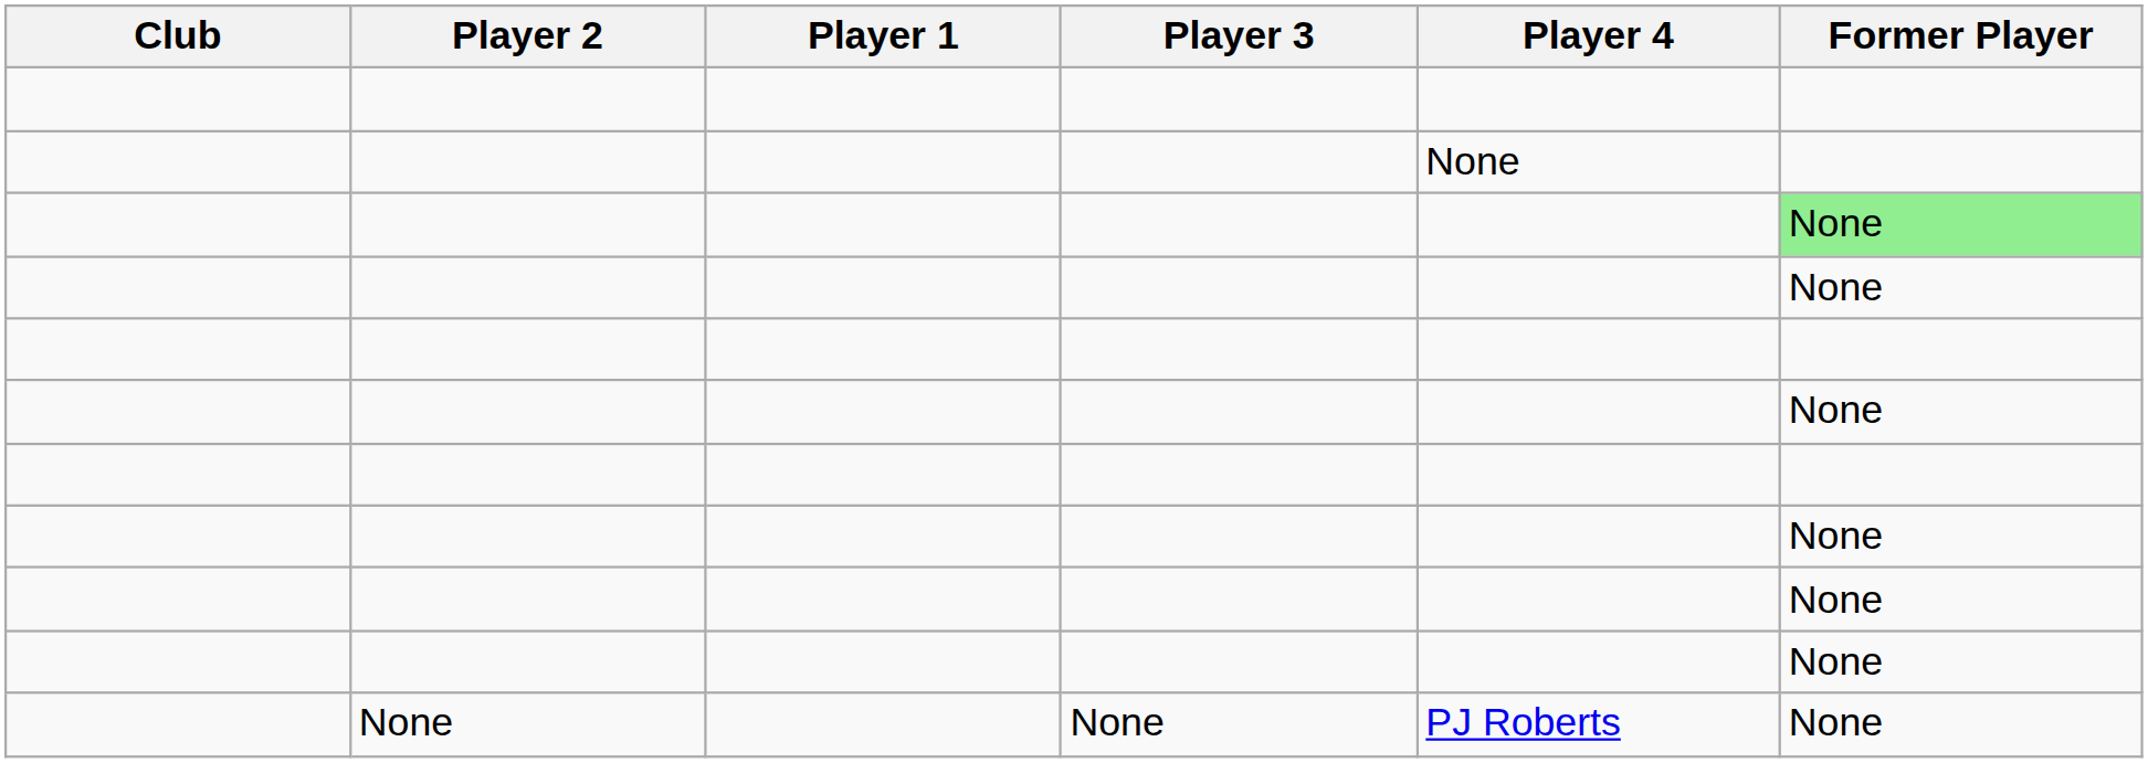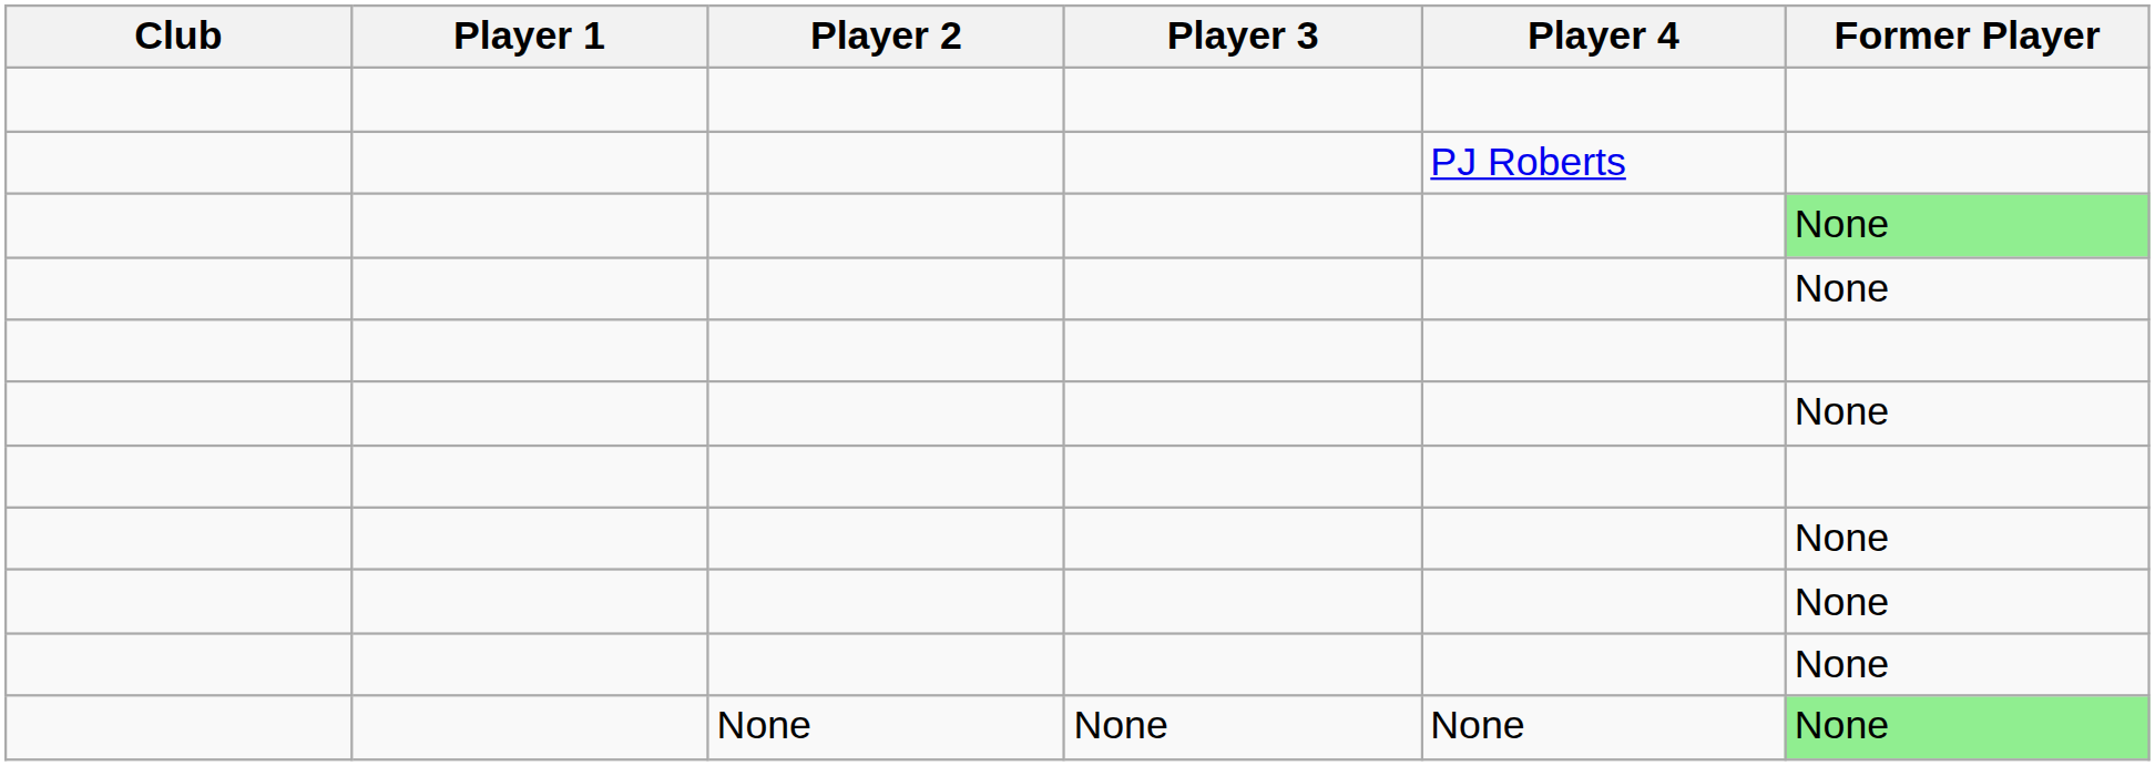 <table class="wikitable ">
 <tr>
 <th style="width:190px;">Club</th>
+<th style="width:190px;">Player 1</th>
 <th style="width:190px;">Player 2</th>
-<th style="width:190px;">Player 1</th>
 <th style="width:190px;">Player 3</th>
 <th style="width:190px;">Player 4</th>
 <th style="width:190px;">Former Player</th>
 </tr>
 <tr>
 <td></td>
 <td></td>
 <td></td>
 <td></td>
 <td></td>
 <td><br></td>
 </tr>
 <tr>
 <td></td>
 <td></td>
 <td></td>
 <td></td>
-<td>None</td>
+<td {{nobreak> <a href='#'>PJ Roberts</a></td>
 <td><br></td>
 </tr>
 <tr>
 <td></td>
 <td></td>
 <td></td>
 <td></td>
 <td></td>
 <td style="background: lightgreen;">None</td>
 </tr>
 <tr>
 <td></td>
 <td></td>
 <td></td>
 <td></td>
 <td></td>
 <td>None</td>
 </tr>
 <tr>
 <td></td>
 <td></td>
 <td></td>
 <td></td>
 <td></td>
 <td><br></td>
 </tr>
 <tr>
 <td></td>
 <td></td>
 <td></td>
 <td></td>
 <td></td>
 <td>None</td>
 </tr>
 <tr>
 <td></td>
 <td></td>
 <td></td>
 <td></td>
 <td></td>
 <td><br></td>
 </tr>
 <tr>
 <td></td>
 <td></td>
 <td></td>
 <td></td>
 <td></td>
 <td>None</td>
 </tr>
 <tr>
 <td></td>
 <td></td>
 <td></td>
 <td></td>
 <td></td>
 <td>None</td>
 </tr>
 <tr>
 <td></td>
 <td></td>
 <td></td>
 <td></td>
 <td></td>
 <td>None</td>
 </tr>
 <tr>
 <td></td>
-<td>None</td>
 <td></td>
 <td>None</td>
-<td {{nobreak> <a href='#'>PJ Roberts</a></td>
 <td>None</td>
+<td>None</td>
+<td style="background: lightgreen;">None</td>
 </tr>
 </table>
